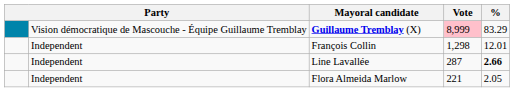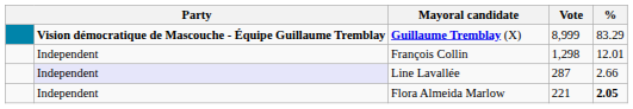 <table class="wikitable">
 <tr>
 <th bgcolor="#DDDDFF" width="230px" colspan="2">Party</th>
 <th bgcolor="#DDDDFF" width="200px">Mayoral candidate</th>
 <th bgcolor="#DDDDFF" width="50px">Vote</th>
 <th bgcolor="#DDDDFF" width="30px">%</th>
 </tr>
 <tr>
 <td bgcolor=#0084AA width="30px"> </td>
-<td>Vision démocratique de Mascouche - Équipe Guillaume Tremblay</td>
+<td><strong>Vision démocratique de Mascouche - Équipe Guillaume Tremblay</strong></td>
 <td><strong><a href='#'>Guillaume Tremblay</a></strong> (X)</td>
-<td style="background: pink;">8,999</td>
+<td>8,999</td>
 <td>83.29</td>
 </tr>
 <tr>
 <td> </td>
 <td>Independent</td>
 <td>François Collin</td>
 <td>1,298</td>
 <td>12.01</td>
 </tr>
 <tr>
 <td> </td>
-<td>Independent</td>
+<td style="background: lavender;">Independent</td>
 <td>Line Lavallée</td>
 <td>287</td>
-<td><strong>2.66</strong></td>
+<td>2.66</td>
 </tr>
 <tr>
 <td> </td>
 <td>Independent</td>
 <td>Flora Almeida Marlow</td>
 <td>221</td>
-<td>2.05</td>
+<td><strong>2.05</strong></td>
 </tr>
 </table>
